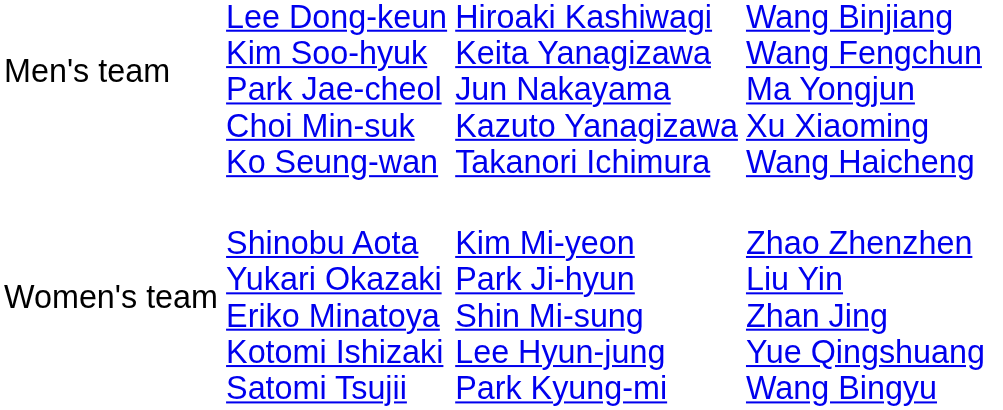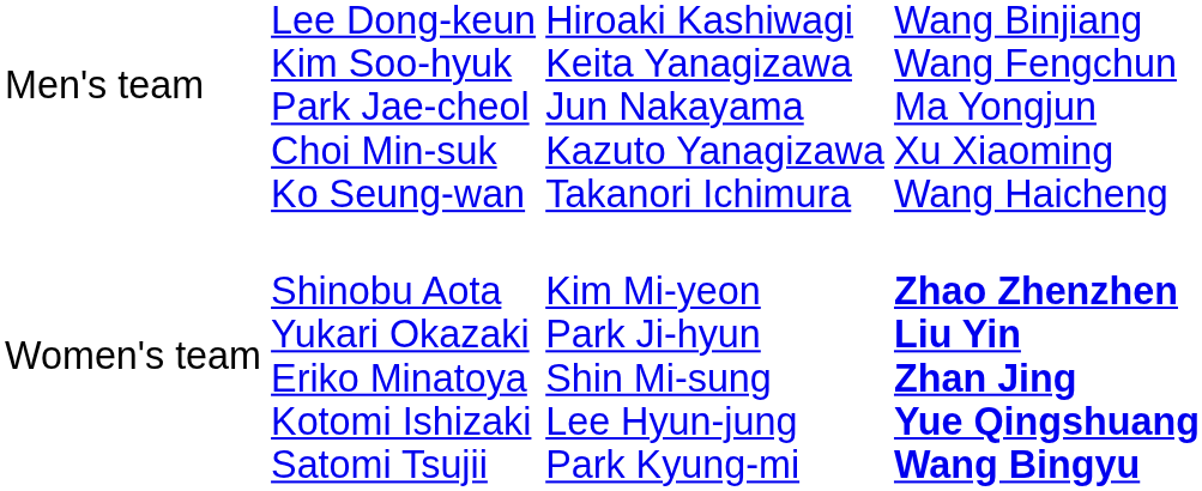 <table>
 <tr>
 <td>Men's team<br></td>
 <td><br><a href='#'>Lee Dong-keun</a><br><a href='#'>Kim Soo-hyuk</a><br><a href='#'>Park Jae-cheol</a><br><a href='#'>Choi Min-suk</a><br><a href='#'>Ko Seung-wan</a></td>
 <td><br><a href='#'>Hiroaki Kashiwagi</a><br><a href='#'>Keita Yanagizawa</a><br><a href='#'>Jun Nakayama</a><br><a href='#'>Kazuto Yanagizawa</a><br><a href='#'>Takanori Ichimura</a></td>
 <td><br><a href='#'>Wang Binjiang</a><br><a href='#'>Wang Fengchun</a><br><a href='#'>Ma Yongjun</a><br><a href='#'>Xu Xiaoming</a><br><a href='#'>Wang Haicheng</a></td>
 </tr>
 <tr>
 <td>Women's team<br></td>
 <td><br><a href='#'>Shinobu Aota</a><br><a href='#'>Yukari Okazaki</a><br><a href='#'>Eriko Minatoya</a><br><a href='#'>Kotomi Ishizaki</a><br><a href='#'>Satomi Tsujii</a></td>
 <td><br><a href='#'>Kim Mi-yeon</a><br><a href='#'>Park Ji-hyun</a><br><a href='#'>Shin Mi-sung</a><br><a href='#'>Lee Hyun-jung</a><br><a href='#'>Park Kyung-mi</a></td>
-<td><br><a href='#'>Zhao Zhenzhen</a><br><a href='#'>Liu Yin</a><br><a href='#'>Zhan Jing</a><br><a href='#'>Yue Qingshuang</a><br><a href='#'>Wang Bingyu</a></td>
+<td><strong><br><a href='#'>Zhao Zhenzhen</a><br><a href='#'>Liu Yin</a><br><a href='#'>Zhan Jing</a><br><a href='#'>Yue Qingshuang</a><br><a href='#'>Wang Bingyu</a></strong></td>
 </tr>
 </table>
